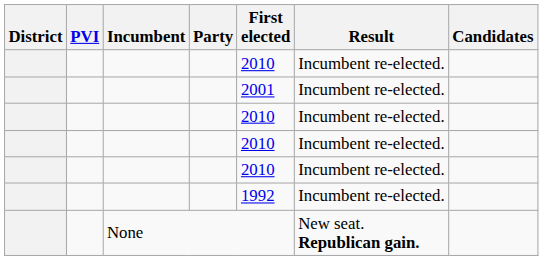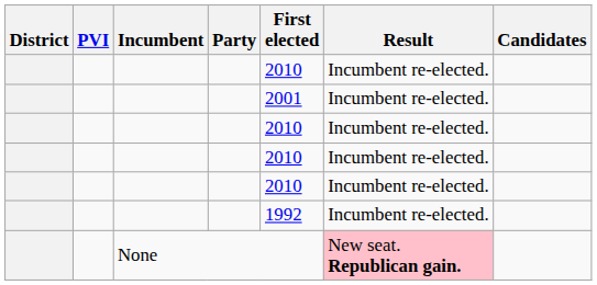 <table class="wikitable sortable">
 <tr valign=bottom>
 <th>District</th>
 <th><a href='#'>PVI</a></th>
 <th>Incumbent</th>
 <th>Party</th>
 <th>First<br>elected</th>
 <th>Result</th>
 <th>Candidates</th>
 </tr>
 <tr>
 <th></th>
 <td></td>
 <td></td>
 <td></td>
 <td><a href='#'>2010</a></td>
 <td>Incumbent re-elected.</td>
 <td nowrap></td>
 </tr>
 <tr>
 <th></th>
 <td></td>
 <td></td>
 <td></td>
 <td><a href='#'>2001 </a></td>
 <td>Incumbent re-elected.</td>
 <td nowrap></td>
 </tr>
 <tr>
 <th></th>
 <td></td>
 <td></td>
 <td></td>
 <td><a href='#'>2010</a></td>
 <td>Incumbent re-elected.</td>
 <td nowrap></td>
 </tr>
 <tr>
 <th></th>
 <td></td>
 <td></td>
 <td></td>
 <td><a href='#'>2010</a></td>
 <td>Incumbent re-elected.</td>
 <td nowrap></td>
 </tr>
 <tr>
 <th></th>
 <td></td>
 <td></td>
 <td></td>
 <td><a href='#'>2010</a></td>
 <td>Incumbent re-elected.</td>
 <td nowrap></td>
 </tr>
 <tr>
 <th></th>
 <td></td>
 <td></td>
 <td></td>
 <td><a href='#'>1992</a></td>
 <td>Incumbent re-elected.</td>
 <td nowrap></td>
 </tr>
 <tr>
 <th></th>
 <td></td>
 <td colspan=3 data-sort-value="ZZZ">None </td>
-<td>New seat.<br><strong>Republican gain.</strong></td>
+<td style="background: pink;">New seat.<br><strong>Republican gain.</strong></td>
 <td nowrap></td>
 </tr>
 </table>
